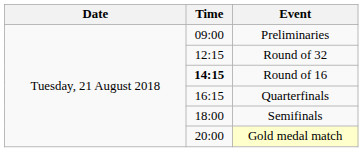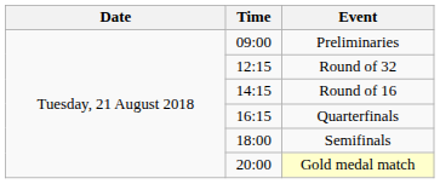 <table class = "wikitable" style="text-align:center;">
 <tr>
 <th width=220>Date</th>
 <th width=50>Time</th>
 <th width=150>Event</th>
 </tr>
 <tr>
 <td rowspan=6>Tuesday, 21 August 2018</td>
 <td>09:00</td>
 <td>Preliminaries</td>
 </tr>
 <tr>
 <td>12:15</td>
 <td>Round of 32</td>
 </tr>
 <tr>
-<td><strong>14:15</strong></td>
+<td>14:15</td>
 <td>Round of 16</td>
 </tr>
 <tr>
 <td>16:15</td>
 <td>Quarterfinals</td>
 </tr>
 <tr>
 <td>18:00</td>
 <td>Semifinals</td>
 </tr>
 <tr>
 <td>20:00</td>
 <td bgcolor=ffffcc>Gold medal match</td>
 </tr>
 </table>
